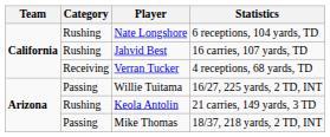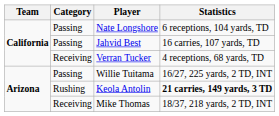 <table class="wikitable" style="float: right;">
 <tr>
 <th>Team</th>
 <th>Category</th>
 <th>Player</th>
 <th>Statistics</th>
 </tr>
 <tr>
 <td rowspan=3><strong>California</strong></td>
-<td>Rushing</td>
+<td>Passing</td>
 <td><a href='#'>Nate Longshore</a></td>
 <td>6 receptions, 104 yards, TD</td>
 </tr>
 <tr>
-<td>Rushing</td>
+<td>Passing</td>
 <td><a href='#'>Jahvid Best</a></td>
 <td>16 carries, 107 yards, TD</td>
 </tr>
 <tr>
 <td>Receiving</td>
 <td><a href='#'>Verran Tucker</a></td>
 <td>4 receptions, 68 yards, TD</td>
 </tr>
 <tr>
 <td rowspan=3><strong>Arizona</strong></td>
 <td>Passing</td>
 <td>Willie Tuitama</td>
 <td>16/27, 225 yards, 2 TD, INT</td>
 </tr>
 <tr>
 <td>Rushing</td>
 <td><a href='#'>Keola Antolin</a></td>
-<td>21 carries, 149 yards, 3 TD</td>
+<td><strong>21 carries, 149 yards, 3 TD</strong></td>
 </tr>
 <tr>
-<td>Passing</td>
+<td>Receiving</td>
 <td>Mike Thomas</td>
 <td>18/37, 218 yards, 2 TD, INT</td>
 </tr>
 </table>
